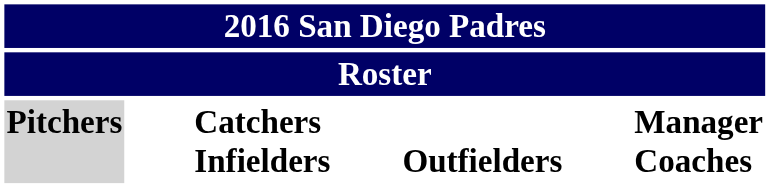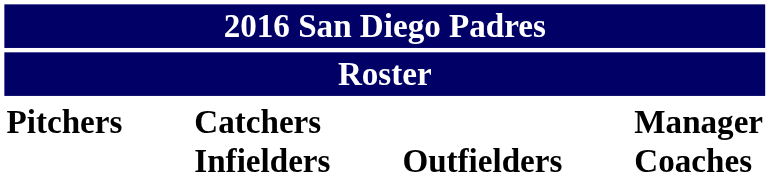 <table class="toccolours" style="font-size: 95%;">
 <tr>
 <th colspan="10" style="background-color: #000066; color: #FFFFFF; text-align: center;">2016 San Diego Padres</th>
 </tr>
 <tr>
 <td colspan="10" style="background-color: #000066; color: #FFFFFF; text-align: center;"><strong>Roster</strong></td>
 </tr>
 <tr>
-<td valign="top" style="background: lightgrey;"><strong>Pitchers</strong><br>                             </td>
+<td valign="top"><strong>Pitchers</strong><br>                             </td>
 <td width="25px"></td>
 <td valign="top"><strong>Catchers</strong><br>    <strong>Infielders</strong>              </td>
 <td width="25px"></td>
 <td valign="top"><br><strong>Outfielders</strong>          </td>
 <td width="25px"></td>
 <td valign="top"><strong>Manager</strong><br> <strong>Coaches</strong>                   </td>
 </tr>
 </table>
